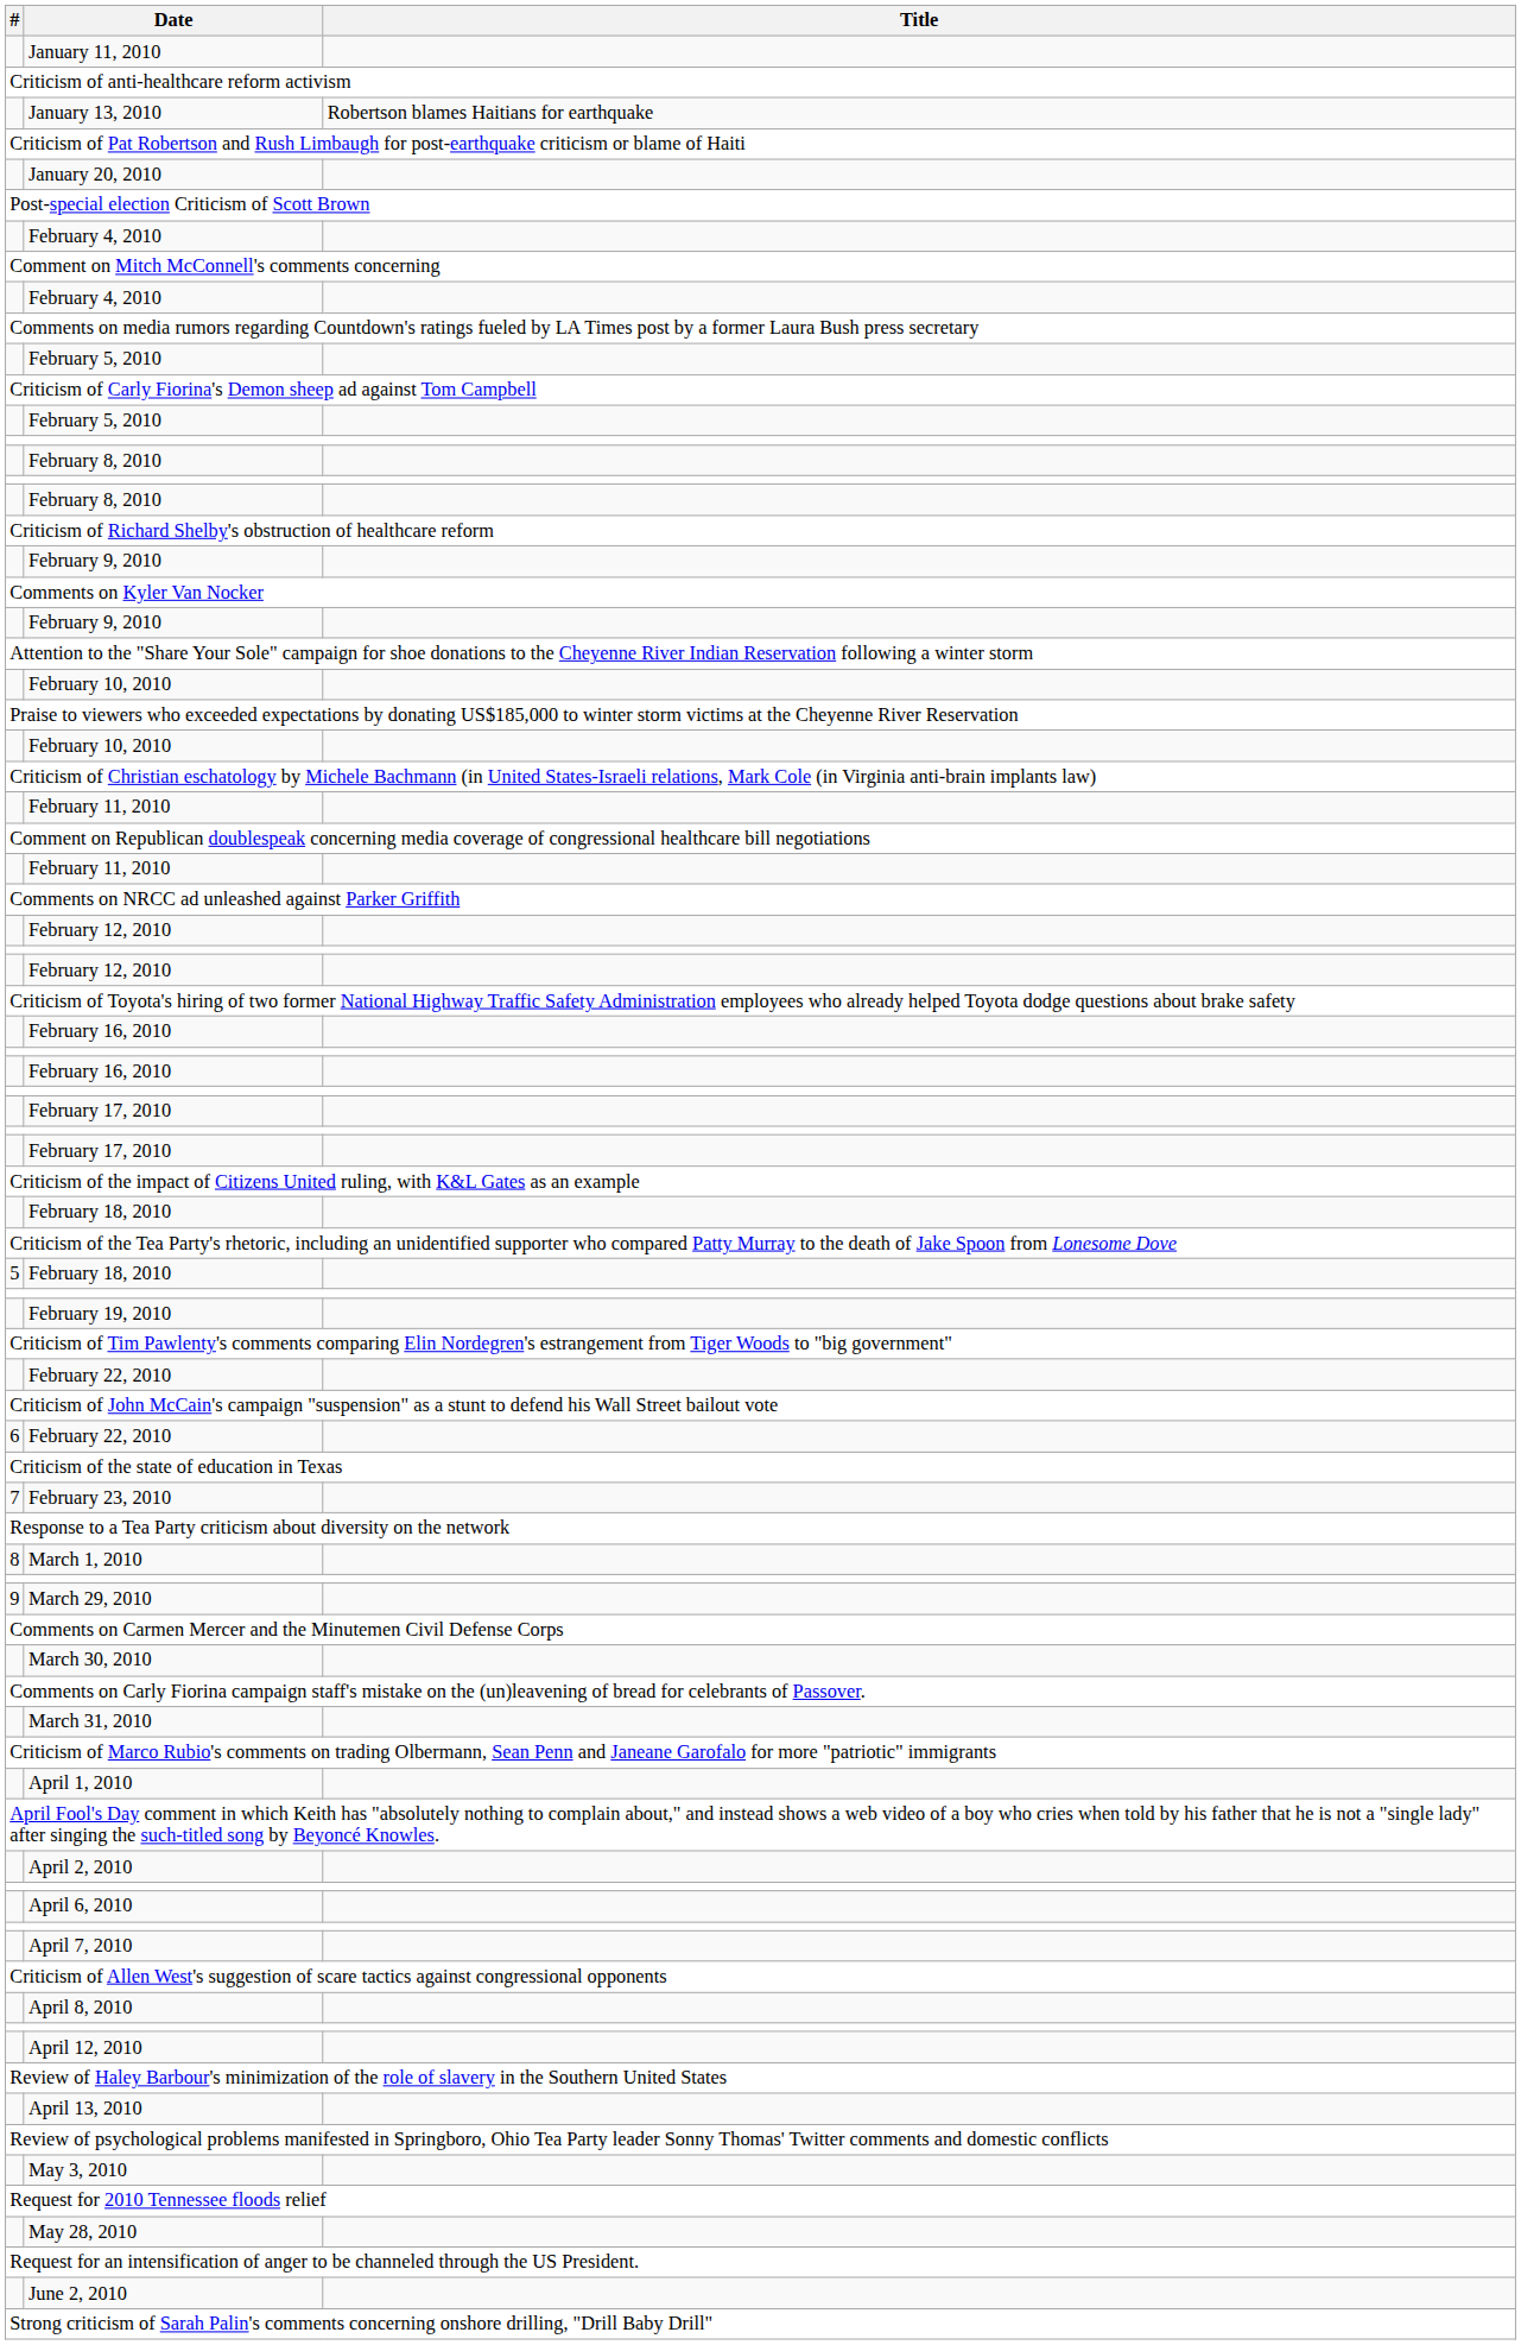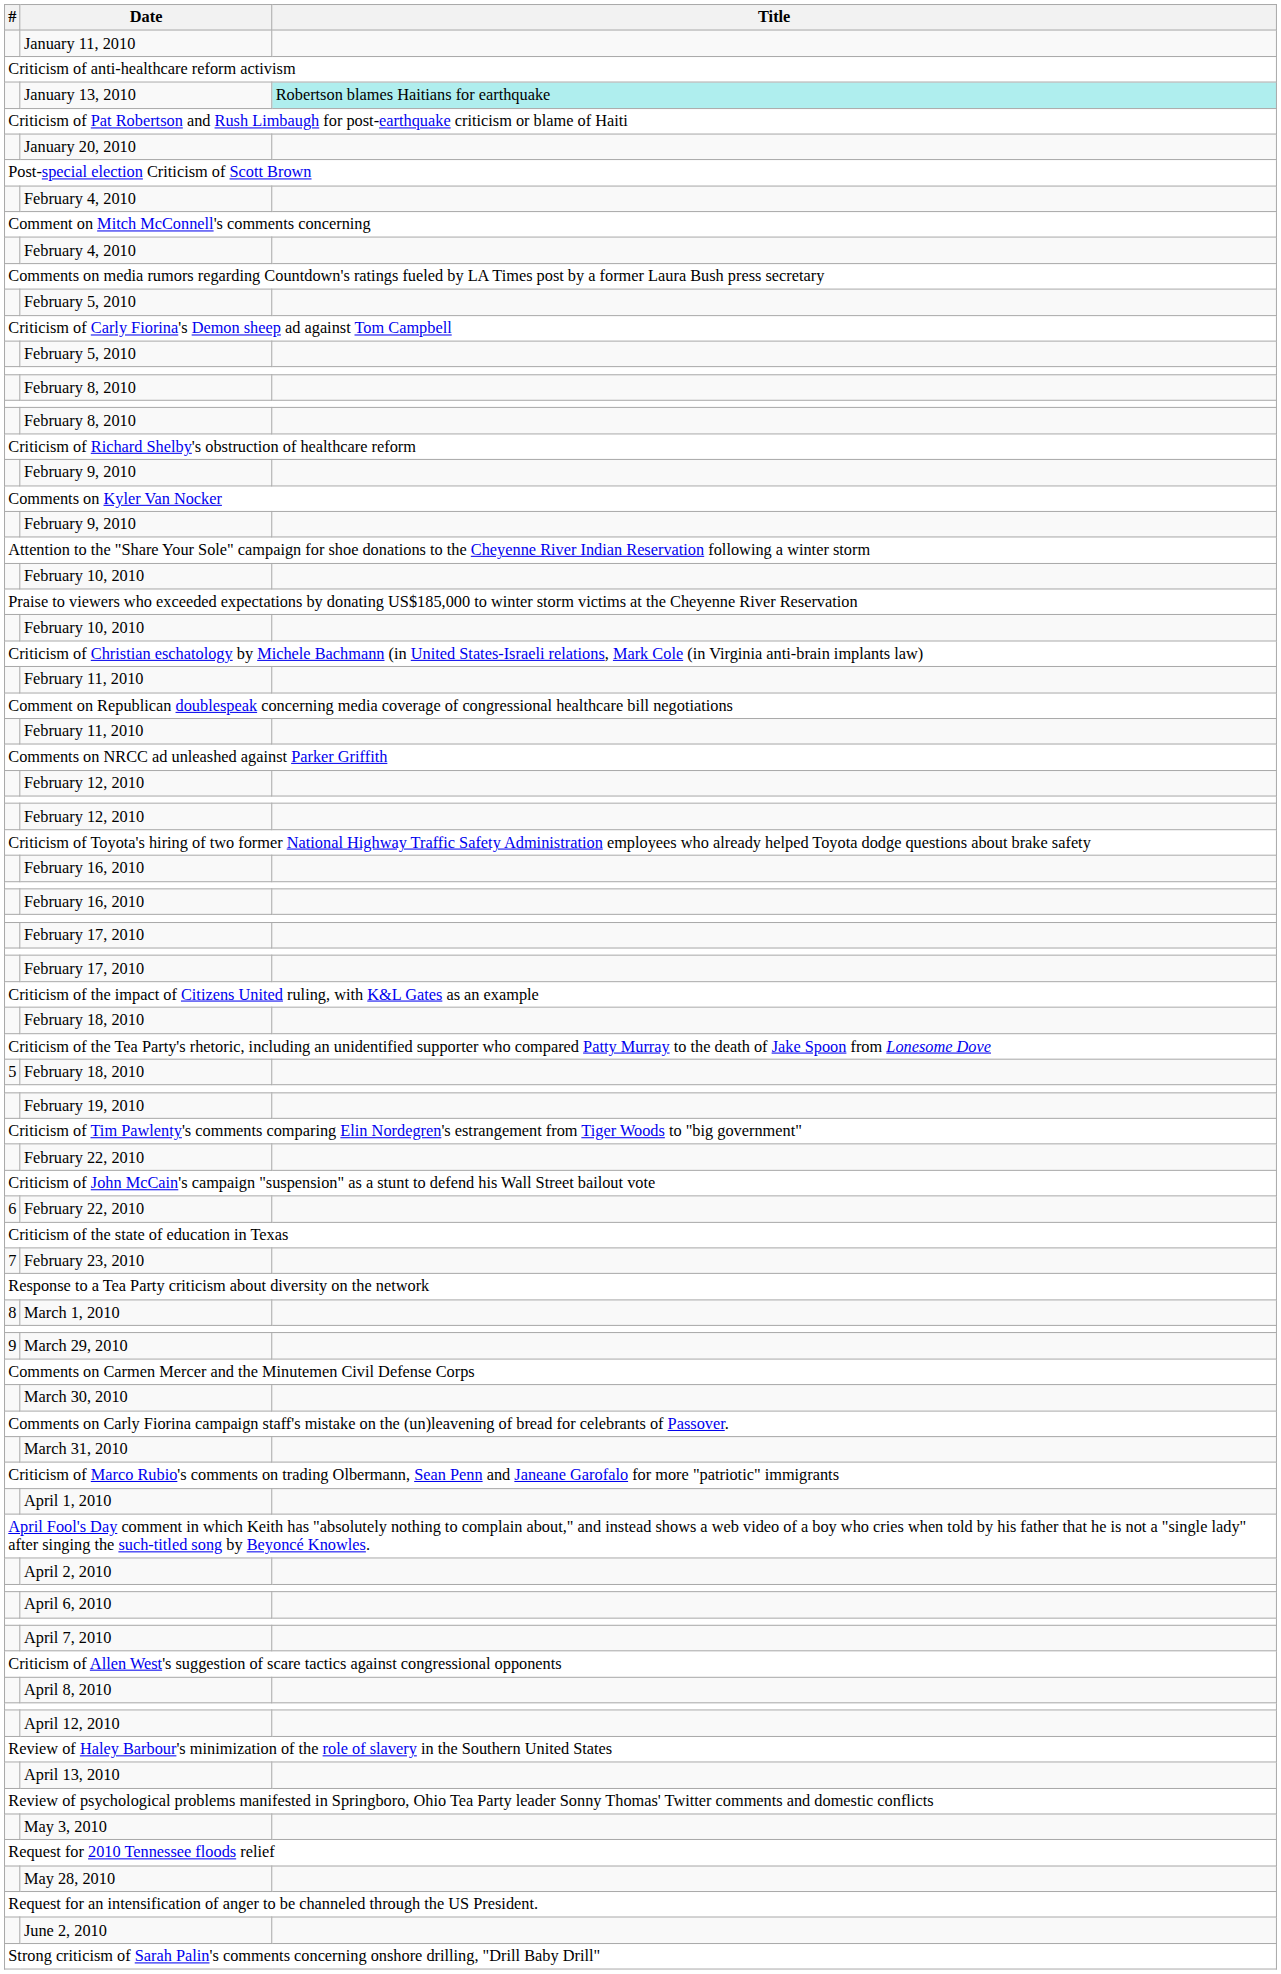 <table class="wikitable" border="1">
 <tr>
 <th>#</th>
 <th width="20%">Date</th>
 <th width="80%">Title</th>
 </tr>
 <tr>
 <td></td>
 <td>January 11, 2010</td>
 <td></td>
 </tr>
 <tr>
 <td colspan="3" valign="top" style="background:#FFFFFF">Criticism of anti-healthcare reform activism</td>
 </tr>
 <tr>
 <td></td>
 <td>January 13, 2010</td>
-<td>Robertson blames Haitians for earthquake</td>
+<td style="background: paleturquoise;">Robertson blames Haitians for earthquake</td>
 </tr>
 <tr>
 <td colspan="3" valign="top" style="background:#FFFFFF">Criticism of <a href='#'>Pat Robertson</a> and <a href='#'>Rush Limbaugh</a> for post-<a href='#'>earthquake</a> criticism or blame of Haiti</td>
 </tr>
 <tr>
 <td></td>
 <td>January 20, 2010</td>
 <td></td>
 </tr>
 <tr>
 <td colspan="3" valign="top" style="background:#FFFFFF">Post-<a href='#'>special election</a> Criticism of <a href='#'>Scott Brown</a></td>
 </tr>
 <tr>
 <td></td>
 <td>February 4, 2010</td>
 <td></td>
 </tr>
 <tr>
 <td colspan="3" valign="top" style="background:#FFFFFF">Comment on <a href='#'>Mitch McConnell</a>'s comments concerning</td>
 </tr>
 <tr>
 <td></td>
 <td>February 4, 2010</td>
 <td></td>
 </tr>
 <tr>
 <td colspan="3" valign="top" style="background:#FFFFFF">Comments on media rumors regarding Countdown's ratings fueled by LA Times post by a former Laura Bush press secretary</td>
 </tr>
 <tr>
 <td></td>
 <td>February 5, 2010</td>
 <td></td>
 </tr>
 <tr>
 <td colspan="3" valign="top" style="background:#FFFFFF">Criticism of <a href='#'>Carly Fiorina</a>'s <a href='#'>Demon sheep</a> ad against <a href='#'>Tom Campbell</a></td>
 </tr>
 <tr>
 <td></td>
 <td>February 5, 2010</td>
 <td></td>
 </tr>
 <tr>
 <td colspan="3" valign="top" style="background:#FFFFFF"></td>
 </tr>
 <tr>
 <td></td>
 <td>February 8, 2010</td>
 <td></td>
 </tr>
 <tr>
 <td colspan="3" valign="top" style="background:#FFFFFF"></td>
 </tr>
 <tr>
 <td></td>
 <td>February 8, 2010</td>
 <td></td>
 </tr>
 <tr>
 <td colspan="3" valign="top" style="background:#FFFFFF">Criticism of <a href='#'>Richard Shelby</a>'s obstruction of healthcare reform</td>
 </tr>
 <tr>
 <td></td>
 <td>February 9, 2010</td>
 <td></td>
 </tr>
 <tr>
 <td colspan="3" valign="top" style="background:#FFFFFF">Comments on <a href='#'>Kyler Van Nocker</a></td>
 </tr>
 <tr>
 <td></td>
 <td>February 9, 2010</td>
 <td></td>
 </tr>
 <tr>
 <td colspan="3" valign="top" style="background:#FFFFFF">Attention to the "Share Your Sole" campaign for shoe donations to the <a href='#'>Cheyenne River Indian Reservation</a> following a winter storm</td>
 </tr>
 <tr>
 <td></td>
 <td>February 10, 2010</td>
 <td></td>
 </tr>
 <tr>
 <td colspan="3" valign="top" style="background:#FFFFFF">Praise to viewers who exceeded expectations by donating US$185,000 to winter storm victims at the Cheyenne River Reservation</td>
 </tr>
 <tr>
 <td></td>
 <td>February 10, 2010</td>
 <td></td>
 </tr>
 <tr>
 <td colspan="3" valign="top" style="background:#FFFFFF">Criticism of <a href='#'>Christian eschatology</a> by <a href='#'>Michele Bachmann</a> (in <a href='#'>United States-Israeli relations</a>, <a href='#'>Mark Cole</a> (in Virginia anti-brain implants law)</td>
 </tr>
 <tr>
 <td></td>
 <td>February 11, 2010</td>
 <td></td>
 </tr>
 <tr>
 <td colspan="3" valign="top" style="background:#FFFFFF">Comment on Republican <a href='#'>doublespeak</a> concerning media coverage of congressional healthcare bill negotiations</td>
 </tr>
 <tr>
 <td></td>
 <td>February 11, 2010</td>
 <td></td>
 </tr>
 <tr>
 <td colspan="3" valign="top" style="background:#FFFFFF">Comments on NRCC ad unleashed against <a href='#'>Parker Griffith</a></td>
 </tr>
 <tr>
 <td></td>
 <td>February 12, 2010</td>
 <td></td>
 </tr>
 <tr>
 <td colspan="3" valign="top" style="background:#FFFFFF"></td>
 </tr>
 <tr>
 <td></td>
 <td>February 12, 2010</td>
 <td></td>
 </tr>
 <tr>
 <td colspan="3" valign="top" style="background:#FFFFFF">Criticism of Toyota's hiring of two former <a href='#'>National Highway Traffic Safety Administration</a> employees who already helped Toyota dodge questions about brake safety</td>
 </tr>
 <tr>
 <td></td>
 <td>February 16, 2010</td>
 <td></td>
 </tr>
 <tr>
 <td colspan="3" valign="top" style="background:#FFFFFF"></td>
 </tr>
 <tr>
 <td></td>
 <td>February 16, 2010</td>
 <td></td>
 </tr>
 <tr>
 <td colspan="3" valign="top" style="background:#FFFFFF"></td>
 </tr>
 <tr>
 <td></td>
 <td>February 17, 2010</td>
 <td></td>
 </tr>
 <tr>
 <td colspan="3" valign="top" style="background:#FFFFFF"></td>
 </tr>
 <tr>
 <td></td>
 <td>February 17, 2010</td>
 <td></td>
 </tr>
 <tr>
 <td colspan="3" valign="top" style="background:#FFFFFF">Criticism of the impact of <a href='#'>Citizens United</a> ruling, with <a href='#'>K&L Gates</a> as an example</td>
 </tr>
 <tr>
 <td></td>
 <td>February 18, 2010</td>
 <td></td>
 </tr>
 <tr>
 <td colspan="3" valign="top" style="background:#FFFFFF">Criticism of the Tea Party's rhetoric, including an unidentified supporter who compared <a href='#'>Patty Murray</a> to the death of <a href='#'>Jake Spoon</a> from <em><a href='#'>Lonesome Dove</a></em></td>
 </tr>
 <tr>
 <td>5</td>
 <td>February 18, 2010</td>
 <td></td>
 </tr>
 <tr>
 <td colspan="3" valign="top" style="background:#FFFFFF"></td>
 </tr>
 <tr>
 <td></td>
 <td>February 19, 2010</td>
 <td></td>
 </tr>
 <tr>
 <td colspan="3" valign="top" style="background:#FFFFFF">Criticism of <a href='#'>Tim Pawlenty</a>'s comments comparing <a href='#'>Elin Nordegren</a>'s estrangement from <a href='#'>Tiger Woods</a> to "big government"</td>
 </tr>
 <tr>
 <td></td>
 <td>February 22, 2010</td>
 <td></td>
 </tr>
 <tr>
 <td colspan="3" valign="top" style="background:#FFFFFF">Criticism of <a href='#'>John McCain</a>'s campaign "suspension" as a stunt to defend his Wall Street bailout vote</td>
 </tr>
 <tr>
 <td>6</td>
 <td>February 22, 2010</td>
 <td></td>
 </tr>
 <tr>
 <td colspan="3" valign="top" style="background:#FFFFFF">Criticism of the state of education in Texas</td>
 </tr>
 <tr>
 <td>7</td>
 <td>February 23, 2010</td>
 <td></td>
 </tr>
 <tr>
 <td colspan="3" valign="top" style="background:#FFFFFF">Response to a Tea Party criticism about diversity on the network</td>
 </tr>
 <tr>
 <td>8</td>
 <td>March 1, 2010</td>
 <td></td>
 </tr>
 <tr>
 <td colspan="3" valign="top" style="background:#FFFFFF"></td>
 </tr>
 <tr>
 <td>9</td>
 <td>March 29, 2010</td>
 <td></td>
 </tr>
 <tr>
 <td colspan="3" valign="top" style="background:#FFFFFF">Comments on Carmen Mercer and the Minutemen Civil Defense Corps</td>
 </tr>
 <tr>
 <td></td>
 <td>March 30, 2010</td>
 <td></td>
 </tr>
 <tr>
 <td colspan="3" valign="top" style="background:#FFFFFF">Comments on Carly Fiorina campaign staff's mistake on the (un)leavening of bread for celebrants of <a href='#'>Passover</a>.</td>
 </tr>
 <tr>
 <td></td>
 <td>March 31, 2010</td>
 <td></td>
 </tr>
 <tr>
 <td colspan="3" valign="top" style="background:#FFFFFF">Criticism of <a href='#'>Marco Rubio</a>'s comments on trading Olbermann, <a href='#'>Sean Penn</a> and <a href='#'>Janeane Garofalo</a> for more "patriotic" immigrants</td>
 </tr>
 <tr>
 <td></td>
 <td>April 1, 2010</td>
 <td></td>
 </tr>
 <tr>
 <td colspan="3" valign="top" style="background:#FFFFFF"><a href='#'>April Fool's Day</a> comment in which Keith has "absolutely nothing to complain about," and instead shows a web video of a boy who cries when told by his father that he is not a "single lady" after singing the <a href='#'>such-titled song</a> by <a href='#'>Beyoncé Knowles</a>.</td>
 </tr>
 <tr>
 <td></td>
 <td>April 2, 2010</td>
 <td></td>
 </tr>
 <tr>
 <td colspan="3" valign="top" style="background:#FFFFFF"></td>
 </tr>
 <tr>
 <td></td>
 <td>April 6, 2010</td>
 <td></td>
 </tr>
 <tr>
 <td colspan="3" valign="top" style="background:#FFFFFF"></td>
 </tr>
 <tr>
 <td></td>
 <td>April 7, 2010</td>
 <td></td>
 </tr>
 <tr>
 <td colspan="3" valign="top" style="background:#FFFFFF">Criticism of <a href='#'>Allen West</a>'s suggestion of scare tactics against congressional opponents</td>
 </tr>
 <tr>
 <td></td>
 <td>April 8, 2010</td>
 <td></td>
 </tr>
 <tr>
 <td colspan="3" valign="top" style="background:#FFFFFF"></td>
 </tr>
 <tr>
 <td></td>
 <td>April 12, 2010</td>
 <td></td>
 </tr>
 <tr>
 <td colspan="3" valign="top" style="background:#FFFFFF">Review of <a href='#'>Haley Barbour</a>'s minimization of the <a href='#'>role of slavery</a> in the Southern United States</td>
 </tr>
 <tr>
 <td></td>
 <td>April 13, 2010</td>
 <td></td>
 </tr>
 <tr>
 <td colspan="3" valign="top" style="background:#FFFFFF">Review of psychological problems manifested in Springboro, Ohio Tea Party leader Sonny Thomas' Twitter comments and domestic conflicts</td>
 </tr>
 <tr>
 <td></td>
 <td>May 3, 2010</td>
 <td></td>
 </tr>
 <tr>
 <td colspan="3" valign="top" style="background:#FFFFFF">Request for <a href='#'>2010 Tennessee floods</a> relief</td>
 </tr>
 <tr>
 <td></td>
 <td>May 28, 2010</td>
 <td></td>
 </tr>
 <tr>
 <td colspan="3" valign="top" style="background:#FFFFFF">Request for an intensification of anger to be channeled through the US President.</td>
 </tr>
 <tr>
 <td></td>
 <td>June 2, 2010</td>
 <td></td>
 </tr>
 <tr>
 <td colspan="3" valign="top" style="background:#FFFFFF">Strong criticism of <a href='#'>Sarah Palin</a>'s comments concerning onshore drilling, "Drill Baby Drill"</td>
 </tr>
 </table>
